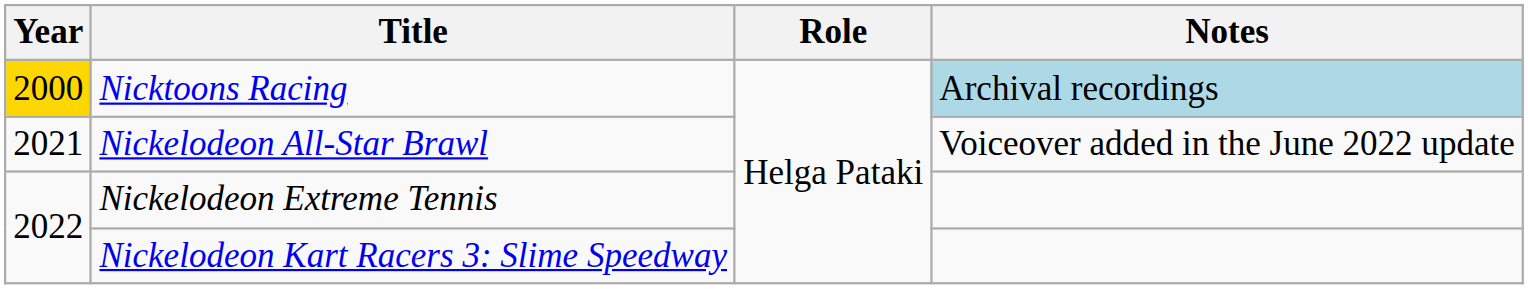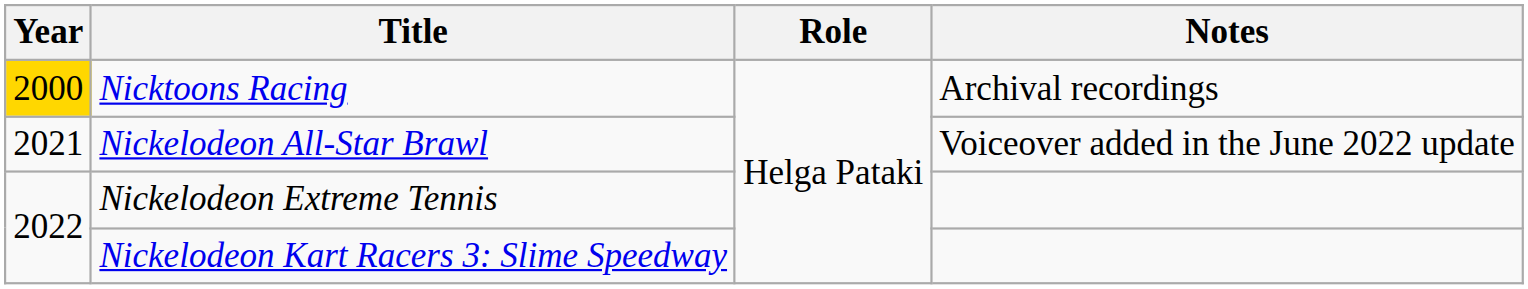 <table class="wikitable sortable">
 <tr>
 <th>Year</th>
 <th>Title</th>
 <th>Role</th>
 <th class="unsortable">Notes</th>
 </tr>
 <tr>
 <td style="background: gold;">2000</td>
 <td><em><a href='#'>Nicktoons Racing</a></em></td>
 <td rowspan="4">Helga Pataki</td>
-<td style="background: lightblue;">Archival recordings</td>
+<td>Archival recordings</td>
 </tr>
 <tr>
 <td>2021</td>
 <td><em><a href='#'>Nickelodeon All-Star Brawl</a></em></td>
 <td>Voiceover added in the June 2022 update</td>
 </tr>
 <tr>
 <td rowspan="2">2022</td>
 <td><em>Nickelodeon Extreme Tennis</em></td>
 <td></td>
 </tr>
 <tr>
 <td><em><a href='#'>Nickelodeon Kart Racers 3: Slime Speedway</a></em></td>
 <td></td>
 </tr>
 </table>
